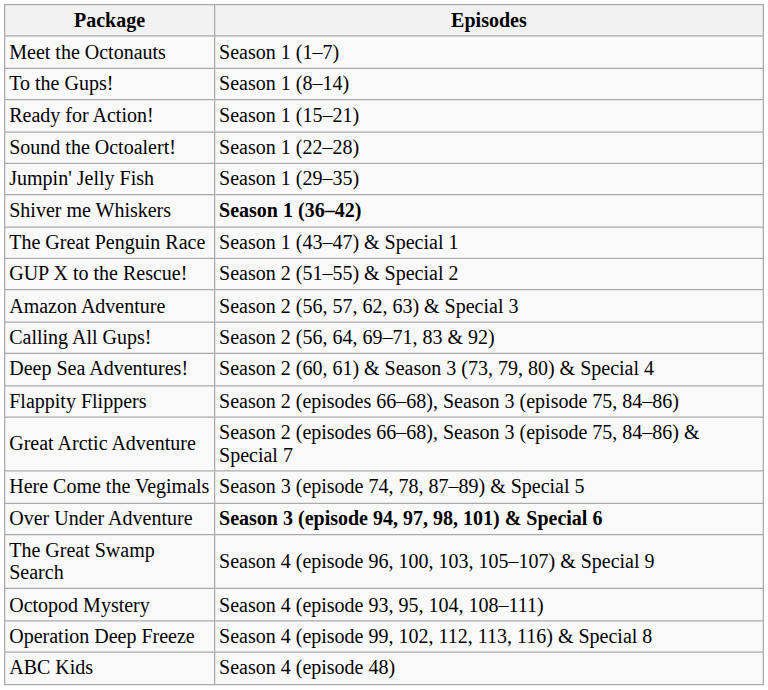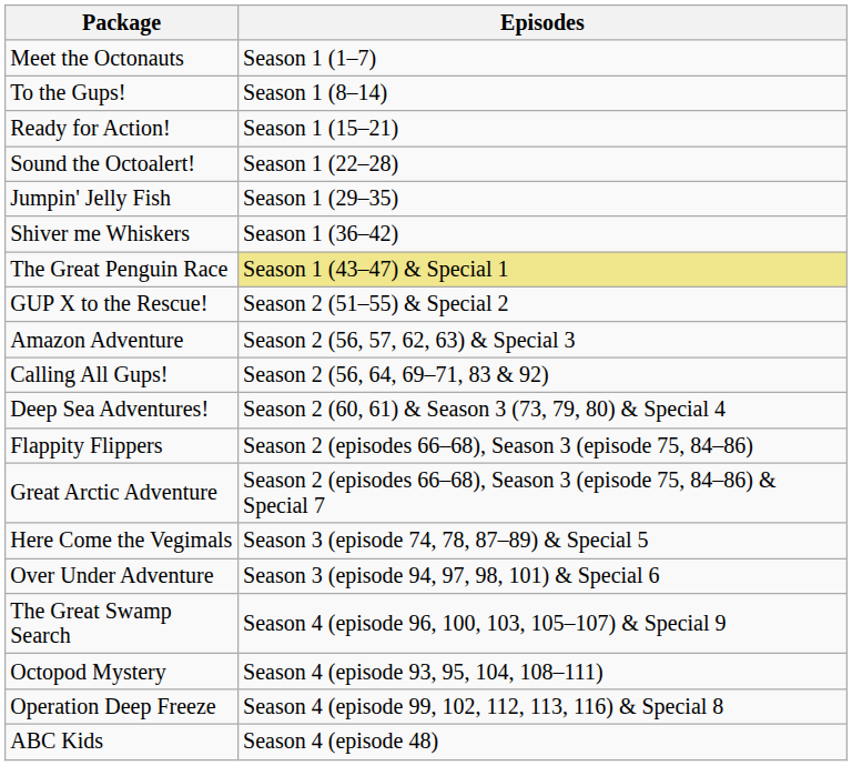 <table class="wikitable">
 <tr>
 <th>Package</th>
 <th>Episodes</th>
 </tr>
 <tr>
 <td>Meet the Octonauts</td>
 <td>Season 1 (1–7)</td>
 </tr>
 <tr>
 <td>To the Gups!</td>
 <td>Season 1 (8–14)</td>
 </tr>
 <tr>
 <td>Ready for Action!</td>
 <td>Season 1 (15–21)</td>
 </tr>
 <tr>
 <td>Sound the Octoalert!</td>
 <td>Season 1 (22–28)</td>
 </tr>
 <tr>
 <td>Jumpin' Jelly Fish</td>
 <td>Season 1 (29–35)</td>
 </tr>
 <tr>
 <td>Shiver me Whiskers</td>
-<td><strong>Season 1 (36–42)</strong></td>
+<td>Season 1 (36–42)</td>
 </tr>
 <tr>
 <td>The Great Penguin Race</td>
-<td>Season 1 (43–47) & Special 1</td>
+<td style="background: khaki;">Season 1 (43–47) & Special 1</td>
 </tr>
 <tr>
 <td>GUP X to the Rescue!</td>
 <td>Season 2 (51–55) & Special 2</td>
 </tr>
 <tr>
 <td>Amazon Adventure</td>
 <td>Season 2 (56, 57, 62, 63) & Special 3</td>
 </tr>
 <tr>
 <td>Calling All Gups!</td>
 <td>Season 2 (56, 64, 69–71, 83 & 92)</td>
 </tr>
 <tr>
 <td>Deep Sea Adventures!</td>
 <td>Season 2 (60, 61) & Season 3 (73, 79, 80) & Special 4</td>
 </tr>
 <tr>
 <td>Flappity Flippers</td>
 <td>Season 2 (episodes 66–68), Season 3 (episode 75, 84–86)</td>
 </tr>
 <tr>
 <td>Great Arctic Adventure</td>
 <td>Season 2 (episodes 66–68), Season 3 (episode 75, 84–86) & Special 7</td>
 </tr>
 <tr>
 <td>Here Come the Vegimals</td>
 <td>Season 3 (episode 74, 78, 87–89) & Special 5</td>
 </tr>
 <tr>
 <td>Over Under Adventure</td>
-<td><strong>Season 3 (episode 94, 97, 98, 101) & Special 6</strong></td>
+<td>Season 3 (episode 94, 97, 98, 101) & Special 6</td>
 </tr>
 <tr>
 <td>The Great Swamp Search</td>
 <td>Season 4 (episode 96, 100, 103, 105–107) & Special 9</td>
 </tr>
 <tr>
 <td>Octopod Mystery</td>
 <td>Season 4 (episode 93, 95, 104, 108–111)</td>
 </tr>
 <tr>
 <td>Operation Deep Freeze</td>
 <td>Season 4 (episode 99, 102, 112, 113, 116) & Special 8</td>
 </tr>
 <tr>
 <td>ABC Kids</td>
 <td>Season 4 (episode 48)</td>
 </tr>
 </table>
